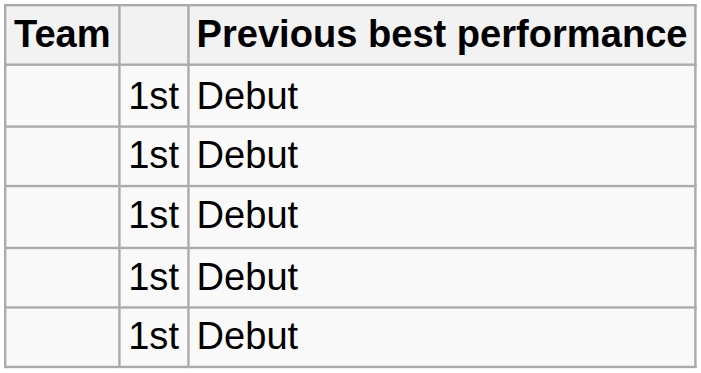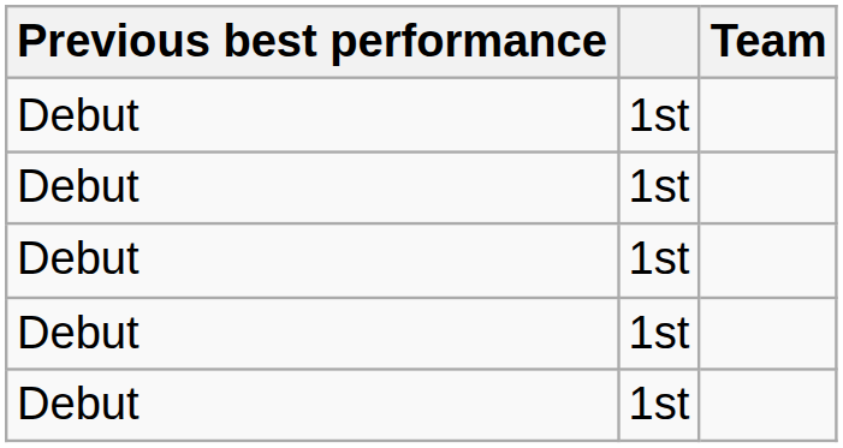 <table class="wikitable sortable">
 <tr>
+<th>Previous best performance</th>
+<th data-sort-type="number"></th>
 <th>Team</th>
-<th data-sort-type="number"></th>
-<th>Previous best performance</th>
 </tr>
 <tr>
+<td>Debut</td>
+<td style="text-align:center">1st</td>
 <td></td>
-<td style="text-align:center">1st</td>
-<td>Debut</td>
 </tr>
 <tr>
+<td>Debut</td>
+<td style="text-align:center">1st</td>
 <td></td>
-<td style="text-align:center">1st</td>
-<td>Debut</td>
 </tr>
 <tr>
+<td>Debut</td>
+<td style="text-align:center">1st</td>
 <td></td>
-<td style="text-align:center">1st</td>
-<td>Debut</td>
 </tr>
 <tr>
+<td>Debut</td>
+<td style="text-align:center">1st</td>
 <td></td>
-<td style="text-align:center">1st</td>
-<td>Debut</td>
 </tr>
 <tr>
+<td>Debut</td>
+<td style="text-align:center">1st</td>
 <td></td>
-<td style="text-align:center">1st</td>
-<td>Debut</td>
 </tr>
 </table>
